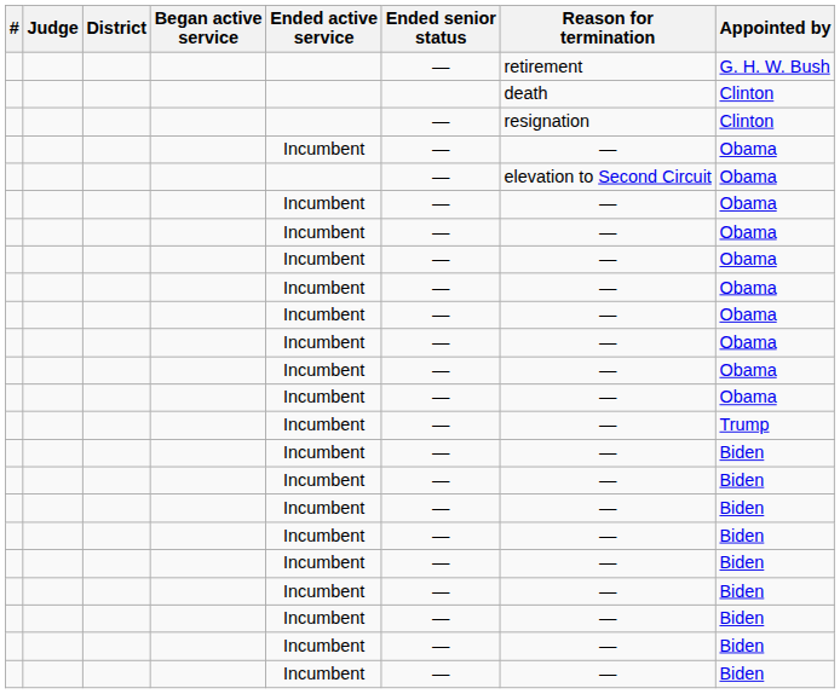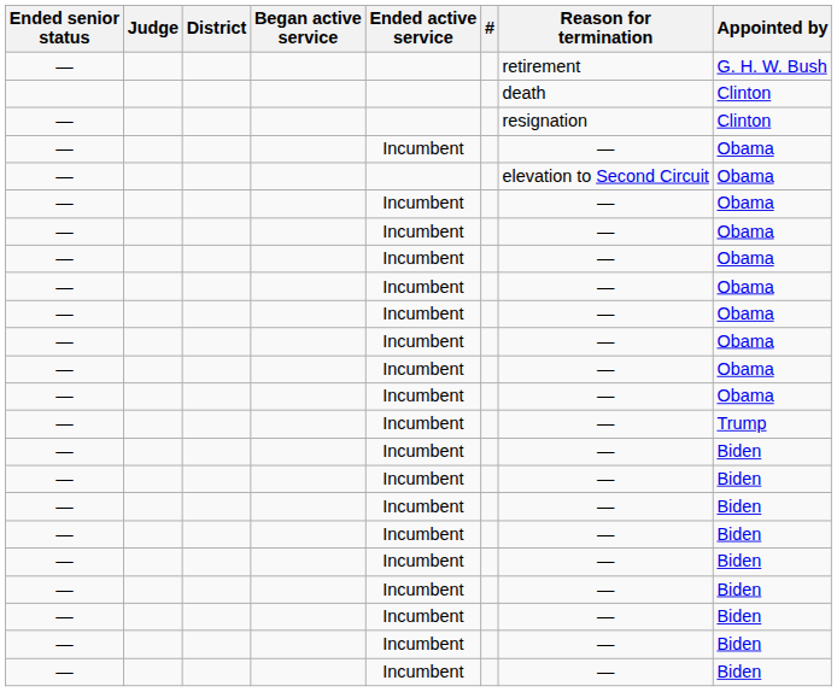 <table class="sortable wikitable">
 <tr bgcolor="#ececec">
-<th>#</th>
+<th>Ended senior<br>status</th>
 <th>Judge</th>
 <th>District</th>
 <th>Began active<br>service</th>
 <th>Ended active<br>service</th>
-<th>Ended senior<br>status</th>
+<th>#</th>
 <th>Reason for<br>termination</th>
 <th>Appointed by</th>
 </tr>
 <tr>
+<td align="center">—</td>
 <td></td>
 <td></td>
 <td></td>
 <td></td>
 <td></td>
-<td align="center">—</td>
 <td>retirement</td>
 <td><a href='#'>G. H. W. Bush</a></td>
 </tr>
 <tr>
 <td></td>
 <td></td>
 <td></td>
 <td></td>
 <td></td>
 <td></td>
 <td>death</td>
 <td><a href='#'>Clinton</a></td>
 </tr>
 <tr>
+<td align="center">—</td>
 <td></td>
 <td></td>
 <td></td>
 <td></td>
 <td></td>
-<td align="center">—</td>
 <td>resignation</td>
 <td><a href='#'>Clinton</a></td>
 </tr>
 <tr>
-<td></td>
+<td align="center">—</td>
 <td></td>
 <td></td>
 <td></td>
 <td align="center">Incumbent</td>
-<td align="center">—</td>
+<td></td>
 <td align="center">—</td>
 <td><a href='#'>Obama</a></td>
 </tr>
 <tr>
+<td align="center">—</td>
 <td></td>
 <td></td>
 <td></td>
 <td></td>
 <td></td>
-<td align="center">—</td>
 <td>elevation to <a href='#'>Second Circuit</a></td>
 <td><a href='#'>Obama</a></td>
 </tr>
 <tr>
-<td></td>
+<td align="center">—</td>
 <td></td>
 <td></td>
 <td></td>
 <td align="center">Incumbent</td>
-<td align="center">—</td>
+<td></td>
 <td align="center">—</td>
 <td><a href='#'>Obama</a></td>
 </tr>
 <tr>
-<td></td>
+<td align="center">—</td>
 <td></td>
 <td></td>
 <td></td>
 <td align="center">Incumbent</td>
-<td align="center">—</td>
+<td></td>
 <td align="center">—</td>
 <td><a href='#'>Obama</a></td>
 </tr>
 <tr>
-<td></td>
+<td align="center">—</td>
 <td></td>
 <td></td>
 <td></td>
 <td align="center">Incumbent</td>
-<td align="center">—</td>
+<td></td>
 <td align="center">—</td>
 <td><a href='#'>Obama</a></td>
 </tr>
 <tr>
-<td></td>
+<td align="center">—</td>
 <td></td>
 <td></td>
 <td></td>
 <td align="center">Incumbent</td>
-<td align="center">—</td>
+<td></td>
 <td align="center">—</td>
 <td><a href='#'>Obama</a></td>
 </tr>
 <tr>
-<td></td>
+<td align="center">—</td>
 <td></td>
 <td></td>
 <td></td>
 <td align="center">Incumbent</td>
-<td align="center">—</td>
+<td></td>
 <td align="center">—</td>
 <td><a href='#'>Obama</a></td>
 </tr>
 <tr>
-<td></td>
+<td align="center">—</td>
 <td></td>
 <td></td>
 <td></td>
 <td align="center">Incumbent</td>
-<td align="center">—</td>
+<td></td>
 <td align="center">—</td>
 <td><a href='#'>Obama</a></td>
 </tr>
 <tr>
-<td></td>
+<td align="center">—</td>
 <td></td>
 <td></td>
 <td></td>
 <td align="center">Incumbent</td>
-<td align="center">—</td>
+<td></td>
 <td align="center">—</td>
 <td><a href='#'>Obama</a></td>
 </tr>
 <tr>
-<td></td>
+<td align="center">—</td>
 <td></td>
 <td></td>
 <td></td>
 <td align="center">Incumbent</td>
-<td align="center">—</td>
+<td></td>
 <td align="center">—</td>
 <td><a href='#'>Obama</a></td>
 </tr>
 <tr>
-<td></td>
+<td align="center">—</td>
 <td></td>
 <td></td>
 <td></td>
 <td align="center">Incumbent</td>
-<td align="center">—</td>
+<td></td>
 <td align="center">—</td>
 <td><a href='#'>Trump</a></td>
 </tr>
 <tr>
-<td></td>
+<td align="center">—</td>
 <td></td>
 <td></td>
 <td></td>
 <td align="center">Incumbent</td>
-<td align="center">—</td>
+<td></td>
 <td align="center">—</td>
 <td><a href='#'>Biden</a></td>
 </tr>
 <tr>
-<td></td>
+<td align="center">—</td>
 <td></td>
 <td></td>
 <td></td>
 <td align="center">Incumbent</td>
-<td align="center">—</td>
+<td></td>
 <td align="center">—</td>
 <td><a href='#'>Biden</a></td>
 </tr>
 <tr>
-<td></td>
+<td align="center">—</td>
 <td></td>
 <td></td>
 <td></td>
 <td align="center">Incumbent</td>
-<td align="center">—</td>
+<td></td>
 <td align="center">—</td>
 <td><a href='#'>Biden</a></td>
 </tr>
 <tr>
-<td></td>
+<td align="center">—</td>
 <td></td>
 <td></td>
 <td></td>
 <td align="center">Incumbent</td>
-<td align="center">—</td>
+<td></td>
 <td align="center">—</td>
 <td><a href='#'>Biden</a></td>
 </tr>
 <tr>
-<td></td>
+<td align="center">—</td>
 <td></td>
 <td></td>
 <td></td>
 <td align="center">Incumbent</td>
-<td align="center">—</td>
+<td></td>
 <td align="center">—</td>
 <td><a href='#'>Biden</a></td>
 </tr>
 <tr>
-<td></td>
+<td align="center">—</td>
 <td></td>
 <td></td>
 <td></td>
 <td align="center">Incumbent</td>
-<td align="center">—</td>
+<td></td>
 <td align="center">—</td>
 <td><a href='#'>Biden</a></td>
 </tr>
 <tr>
-<td></td>
+<td align="center">—</td>
 <td></td>
 <td></td>
 <td></td>
 <td align="center">Incumbent</td>
-<td align="center">—</td>
+<td></td>
 <td align="center">—</td>
 <td><a href='#'>Biden</a></td>
 </tr>
 <tr>
-<td></td>
+<td align="center">—</td>
 <td></td>
 <td></td>
 <td></td>
 <td align="center">Incumbent</td>
-<td align="center">—</td>
+<td></td>
 <td align="center">—</td>
 <td><a href='#'>Biden</a></td>
 </tr>
 <tr>
-<td></td>
+<td align="center">—</td>
 <td></td>
 <td></td>
 <td></td>
 <td align="center">Incumbent</td>
-<td align="center">—</td>
+<td></td>
 <td align="center">—</td>
 <td><a href='#'>Biden</a></td>
 </tr>
 </table>
